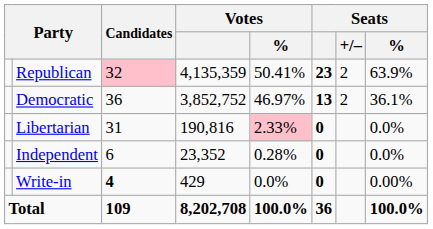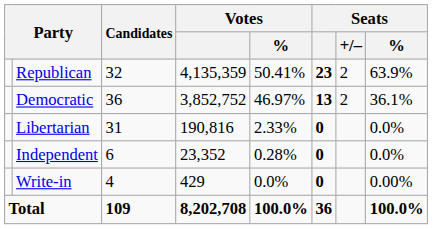 <table class="wikitable" style="font-size: 95%;">
 <tr>
 <th colspan="2" rowspan="2">Party</th>
 <th rowspan="2"><small>Candi</small><small>dates</small></th>
 <th colspan="2">Votes</th>
 <th colspan="3">Seats</th>
 </tr>
 <tr>
 <th></th>
 <th>%</th>
 <th></th>
 <th>+/–</th>
 <th>%</th>
 </tr>
 <tr>
 <td></td>
 <td align=left><a href='#'>Republican</a></td>
-<td style="background: pink;">32</td>
+<td>32</td>
 <td>4,135,359</td>
 <td>50.41%</td>
 <td><strong>23</strong></td>
 <td>2</td>
 <td>63.9%</td>
 </tr>
 <tr>
 <td></td>
 <td align=left><a href='#'>Democratic</a></td>
 <td>36</td>
 <td>3,852,752</td>
 <td>46.97%</td>
 <td><strong>13</strong></td>
 <td>2</td>
 <td>36.1%</td>
 </tr>
 <tr>
 <td></td>
 <td align=left><a href='#'>Libertarian</a></td>
 <td>31</td>
 <td>190,816</td>
-<td style="background: pink;">2.33%</td>
+<td>2.33%</td>
 <td><strong>0</strong></td>
 <td></td>
 <td>0.0%</td>
 </tr>
 <tr>
 <td></td>
 <td align=left><a href='#'>Independent</a></td>
 <td>6</td>
 <td>23,352</td>
 <td>0.28%</td>
 <td><strong>0</strong></td>
 <td></td>
 <td>0.0%</td>
 </tr>
 <tr>
 <td></td>
 <td align=left><a href='#'>Write-in</a></td>
-<td><strong>4</strong></td>
+<td>4</td>
 <td>429</td>
 <td>0.0%</td>
 <td><strong>0</strong></td>
 <td></td>
 <td>0.00%</td>
 </tr>
 <tr style="font-weight:bold">
 <td colspan=2 align=left>Total</td>
 <td>109</td>
 <td>8,202,708</td>
 <td>100.0%</td>
 <td>36</td>
 <td></td>
 <td>100.0%</td>
 </tr>
 </table>
